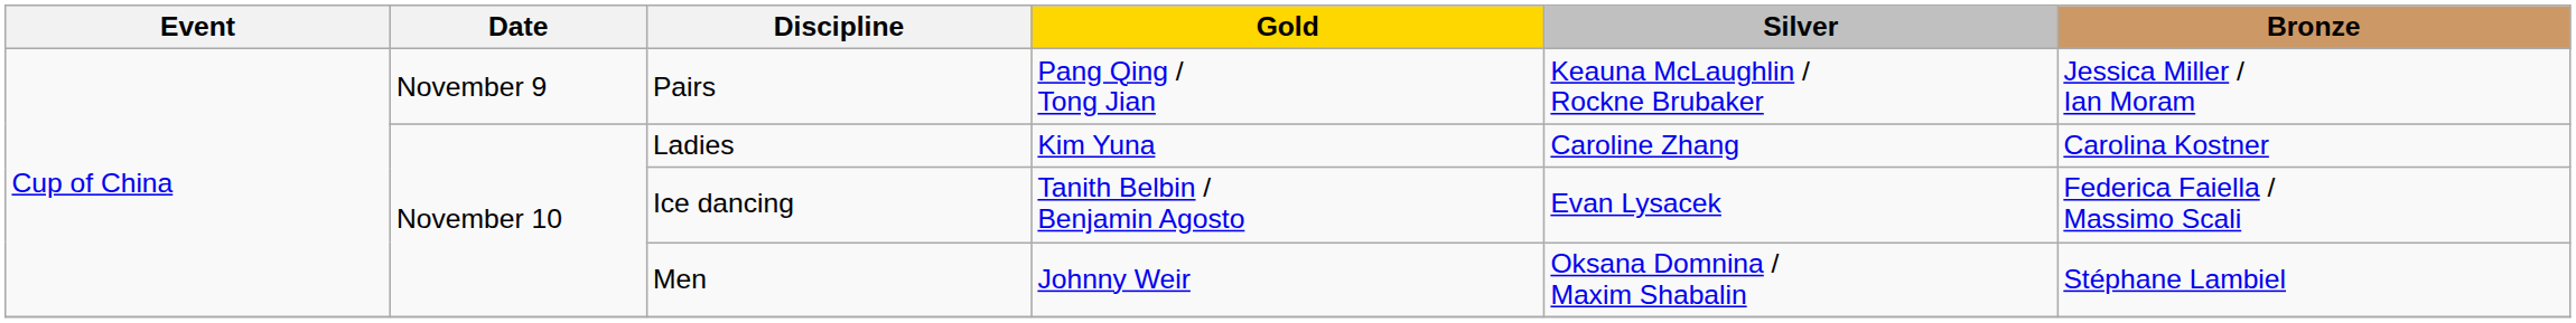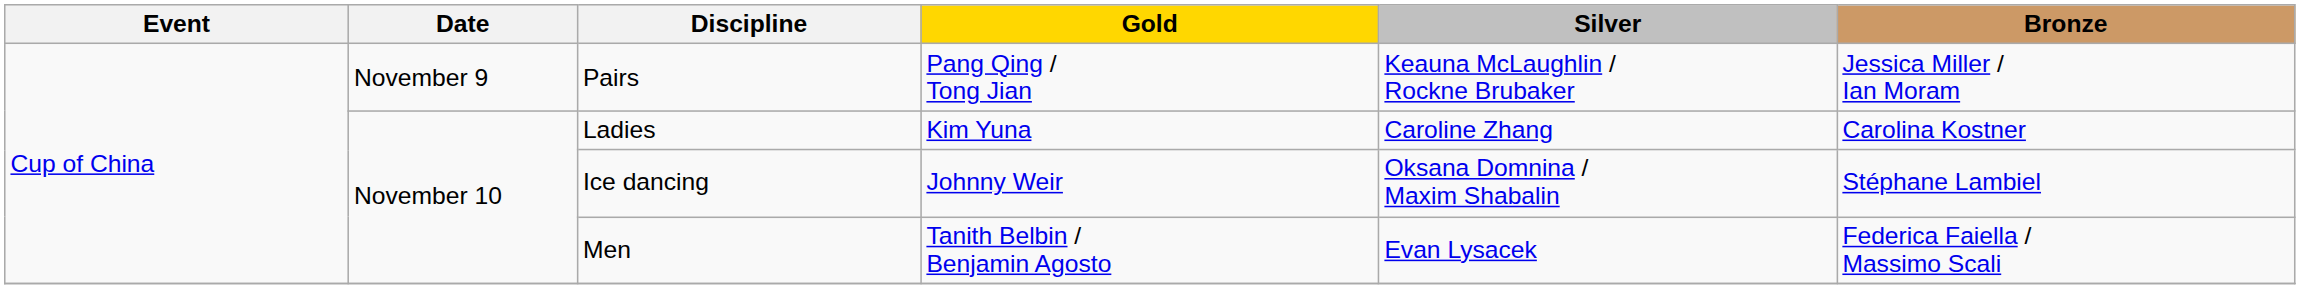 <table class="wikitable" width="75%">
 <tr>
 <th width="15%">Event</th>
 <th width="10%">Date</th>
 <th width="15%">Discipline</th>
 <td width = "20%" align="center" bgcolor="gold"><strong>Gold</strong></td>
 <td width = "20%" align="center" bgcolor="silver"><strong>Silver</strong></td>
 <td width = "20%" align="center" bgcolor="cc9966"><strong>Bronze</strong></td>
 </tr>
 <tr>
 <td rowspan="4"> <a href='#'>Cup of China</a></td>
 <td>November 9</td>
 <td>Pairs</td>
 <td> <a href='#'>Pang Qing</a> / <br> <a href='#'>Tong Jian</a></td>
 <td> <a href='#'>Keauna McLaughlin</a> / <br> <a href='#'>Rockne Brubaker</a></td>
 <td> <a href='#'>Jessica Miller</a> / <br> <a href='#'>Ian Moram</a></td>
 </tr>
 <tr>
 <td rowspan = 3>November 10</td>
 <td>Ladies</td>
 <td> <a href='#'>Kim Yuna</a></td>
 <td> <a href='#'>Caroline Zhang</a></td>
 <td> <a href='#'>Carolina Kostner</a></td>
 </tr>
 <tr>
 <td>Ice dancing</td>
+<td> <a href='#'>Johnny Weir</a></td>
+<td> <a href='#'>Oksana Domnina</a> / <br> <a href='#'>Maxim Shabalin</a></td>
+<td> <a href='#'>Stéphane Lambiel</a></td>
+</tr>
+<tr>
+<td>Men</td>
 <td> <a href='#'>Tanith Belbin</a> / <br> <a href='#'>Benjamin Agosto</a></td>
 <td> <a href='#'>Evan Lysacek</a></td>
 <td> <a href='#'>Federica Faiella</a> / <br> <a href='#'>Massimo Scali</a></td>
 </tr>
 <tr>
-<td>Men</td>
-<td> <a href='#'>Johnny Weir</a></td>
-<td> <a href='#'>Oksana Domnina</a> / <br> <a href='#'>Maxim Shabalin</a></td>
-<td> <a href='#'>Stéphane Lambiel</a></td>
-</tr>
-<tr>
 </tr>
 </table>
